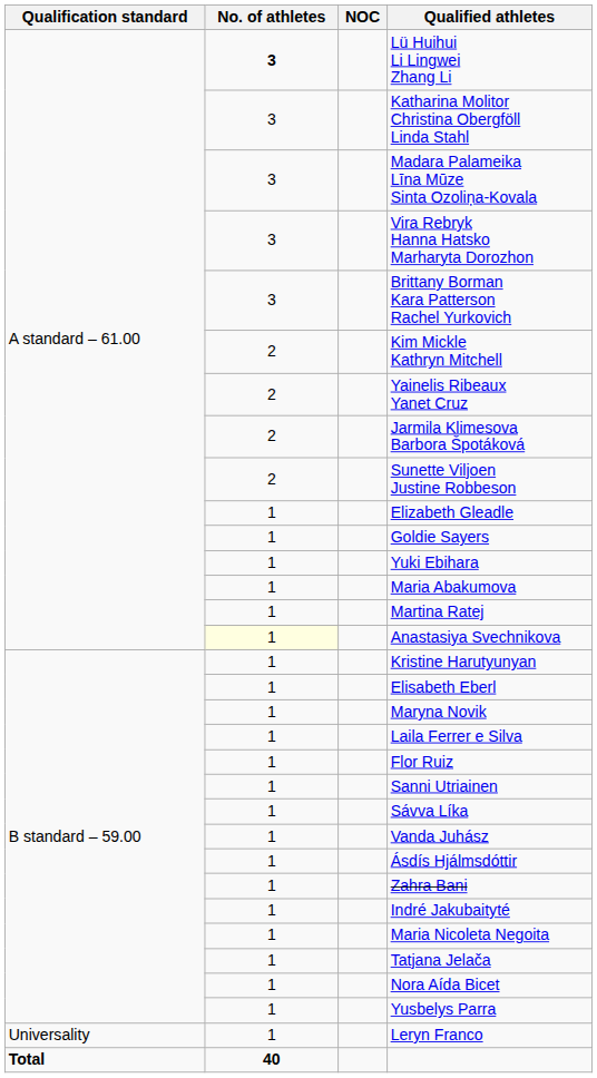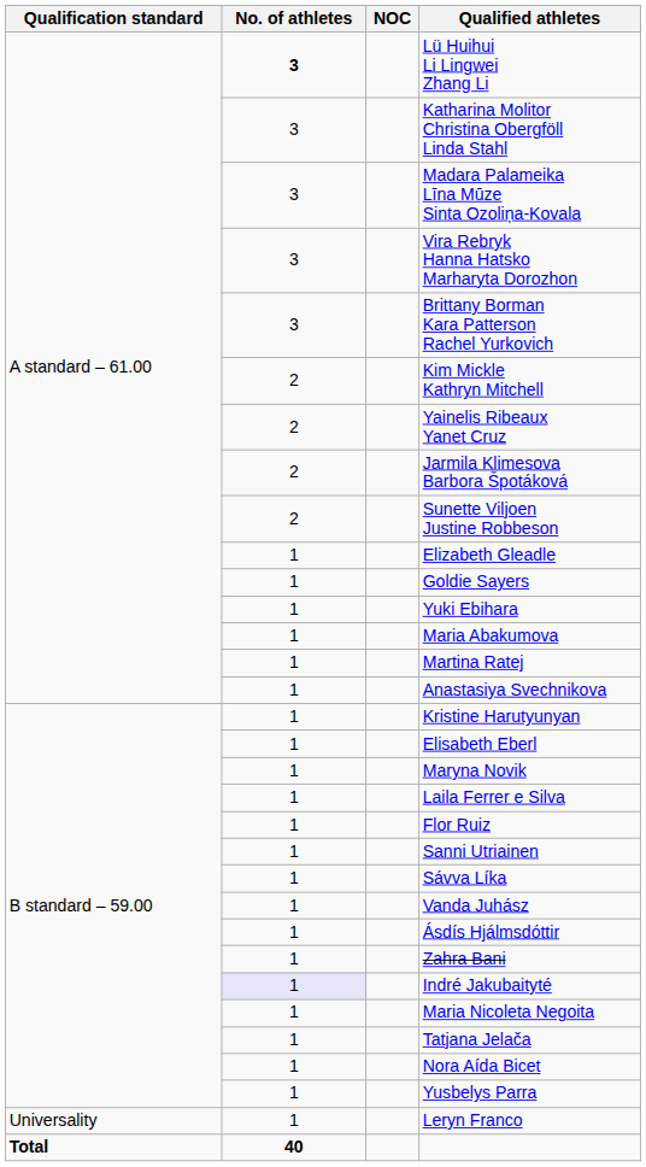 <table class="wikitable"  style="text-align:left; width:600px;">
 <tr>
 <th>Qualification standard</th>
 <th>No. of athletes</th>
 <th>NOC</th>
 <th>Qualified athletes</th>
 </tr>
 <tr>
 <td rowspan="15">A standard – 61.00</td>
 <td align=center><strong>3</strong></td>
 <td></td>
 <td><a href='#'>Lü Huihui</a><br><a href='#'>Li Lingwei</a><br><a href='#'>Zhang Li</a></td>
 </tr>
 <tr>
 <td align=center>3</td>
 <td></td>
 <td><a href='#'>Katharina Molitor</a><br><a href='#'>Christina Obergföll</a><br><a href='#'>Linda Stahl</a></td>
 </tr>
 <tr>
 <td align=center>3</td>
 <td></td>
 <td><a href='#'>Madara Palameika</a><br><a href='#'>Līna Mūze</a><br><a href='#'>Sinta Ozoliņa-Kovala</a></td>
 </tr>
 <tr>
 <td align=center>3</td>
 <td></td>
 <td><a href='#'>Vira Rebryk</a><br><a href='#'>Hanna Hatsko</a><br><a href='#'>Marharyta Dorozhon</a></td>
 </tr>
 <tr>
 <td align=center>3</td>
 <td></td>
 <td><a href='#'>Brittany Borman</a><br><a href='#'>Kara Patterson</a><br><a href='#'>Rachel Yurkovich</a></td>
 </tr>
 <tr>
 <td align=center>2</td>
 <td></td>
 <td><a href='#'>Kim Mickle</a><br><a href='#'>Kathryn Mitchell</a></td>
 </tr>
 <tr>
 <td align=center>2</td>
 <td></td>
 <td><a href='#'>Yainelis Ribeaux</a><br><a href='#'>Yanet Cruz</a></td>
 </tr>
 <tr>
 <td align=center>2</td>
 <td></td>
 <td><a href='#'>Jarmila Klimesova</a><br><a href='#'>Barbora Špotáková</a></td>
 </tr>
 <tr>
 <td align=center>2</td>
 <td></td>
 <td><a href='#'>Sunette Viljoen</a><br><a href='#'>Justine Robbeson</a></td>
 </tr>
 <tr>
 <td align=center>1</td>
 <td></td>
 <td><a href='#'>Elizabeth Gleadle</a></td>
 </tr>
 <tr>
 <td align=center>1</td>
 <td></td>
 <td><a href='#'>Goldie Sayers</a></td>
 </tr>
 <tr>
 <td align=center>1</td>
 <td></td>
 <td><a href='#'>Yuki Ebihara</a></td>
 </tr>
 <tr>
 <td align=center>1</td>
 <td></td>
 <td><a href='#'>Maria Abakumova</a></td>
 </tr>
 <tr>
 <td align=center>1</td>
 <td></td>
 <td><a href='#'>Martina Ratej</a></td>
 </tr>
 <tr>
-<td align=center style="background: lightyellow;">1</td>
+<td align=center>1</td>
 <td></td>
 <td><a href='#'>Anastasiya Svechnikova</a></td>
 </tr>
 <tr>
 <td rowspan="15">B standard – 59.00</td>
 <td align=center>1</td>
 <td></td>
 <td><a href='#'>Kristine Harutyunyan</a></td>
 </tr>
 <tr>
 <td align=center>1</td>
 <td></td>
 <td><a href='#'>Elisabeth Eberl</a></td>
 </tr>
 <tr>
 <td align=center>1</td>
 <td></td>
 <td><a href='#'>Maryna Novik</a></td>
 </tr>
 <tr>
 <td align=center>1</td>
 <td></td>
 <td><a href='#'>Laila Ferrer e Silva</a></td>
 </tr>
 <tr>
 <td align=center>1</td>
 <td></td>
 <td><a href='#'>Flor Ruiz</a></td>
 </tr>
 <tr>
 <td align=center>1</td>
 <td></td>
 <td><a href='#'>Sanni Utriainen</a></td>
 </tr>
 <tr>
 <td align=center>1</td>
 <td></td>
 <td><a href='#'>Sávva Líka</a></td>
 </tr>
 <tr>
 <td align=center>1</td>
 <td></td>
 <td><a href='#'>Vanda Juhász</a></td>
 </tr>
 <tr>
 <td align=center>1</td>
 <td></td>
 <td><a href='#'>Ásdís Hjálmsdóttir</a></td>
 </tr>
 <tr>
 <td align=center>1</td>
 <td></td>
 <td><s><a href='#'>Zahra Bani</a></s></td>
 </tr>
 <tr>
-<td align=center>1</td>
+<td align=center style="background: lavender;">1</td>
 <td></td>
 <td><a href='#'>Indré Jakubaityté</a></td>
 </tr>
 <tr>
 <td align=center>1</td>
 <td></td>
 <td><a href='#'>Maria Nicoleta Negoita</a></td>
 </tr>
 <tr>
 <td align=center>1</td>
 <td></td>
 <td><a href='#'>Tatjana Jelača</a></td>
 </tr>
 <tr>
 <td align=center>1</td>
 <td></td>
 <td><a href='#'>Nora Aída Bicet</a></td>
 </tr>
 <tr>
 <td align=center>1</td>
 <td></td>
 <td><a href='#'>Yusbelys Parra</a></td>
 </tr>
 <tr>
 <td>Universality</td>
 <td align=center>1</td>
 <td></td>
 <td><a href='#'>Leryn Franco</a></td>
 </tr>
 <tr>
 <td><strong>Total</strong></td>
 <td align=center><strong>40</strong></td>
 <td></td>
 <td></td>
 </tr>
 </table>
